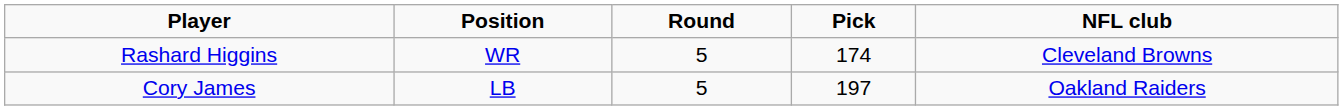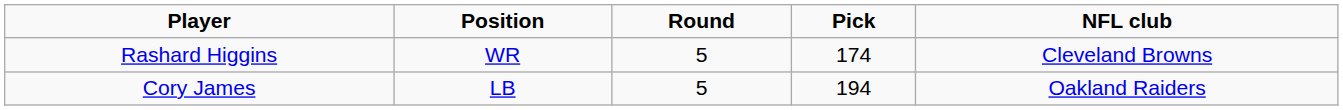 <table class="wikitable" width="80%">
 <tr align="center">
 <td><strong>Player</strong></td>
 <td><strong>Position</strong></td>
 <td><strong>Round</strong></td>
 <td><strong>Pick</strong></td>
 <td><strong>NFL club</strong></td>
 </tr>
 <tr align="center" bgcolor="">
 <td><a href='#'>Rashard Higgins</a></td>
 <td><a href='#'>WR</a></td>
 <td>5</td>
 <td>174</td>
 <td><a href='#'>Cleveland Browns</a></td>
 </tr>
 <tr align="center" bgcolor="">
 <td><a href='#'>Cory James</a></td>
 <td><a href='#'>LB</a></td>
 <td>5</td>
-<td>197</td>
+<td>194</td>
 <td><a href='#'>Oakland Raiders</a></td>
 </tr>
 </table>
